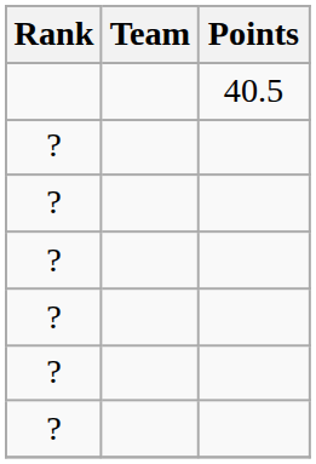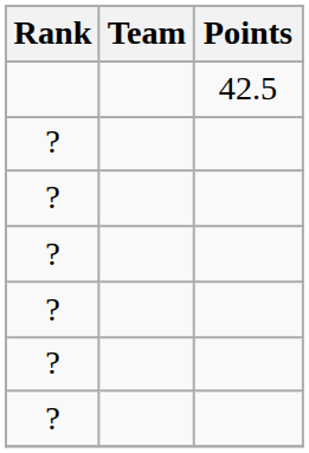 <table class="wikitable" style="text-align:center; font-size:90%;">
 <tr>
 <th>Rank</th>
 <th>Team</th>
 <th width=40px>Points</th>
 </tr>
 <tr>
 <td></td>
 <td align=left></td>
-<td>40.5</td>
+<td>42.5</td>
 </tr>
 <tr>
 <td>?</td>
 <td align=left></td>
 <td></td>
 </tr>
 <tr>
 <td>?</td>
 <td align=left></td>
 <td></td>
 </tr>
 <tr>
 <td>?</td>
 <td align=left></td>
 <td></td>
 </tr>
 <tr>
 <td>?</td>
 <td align=left></td>
 <td></td>
 </tr>
 <tr>
 <td>?</td>
 <td align=left></td>
 <td></td>
 </tr>
 <tr>
 <td>?</td>
 <td align=left><strong></strong></td>
 <td></td>
 </tr>
 <tr>
 </tr>
 </table>
